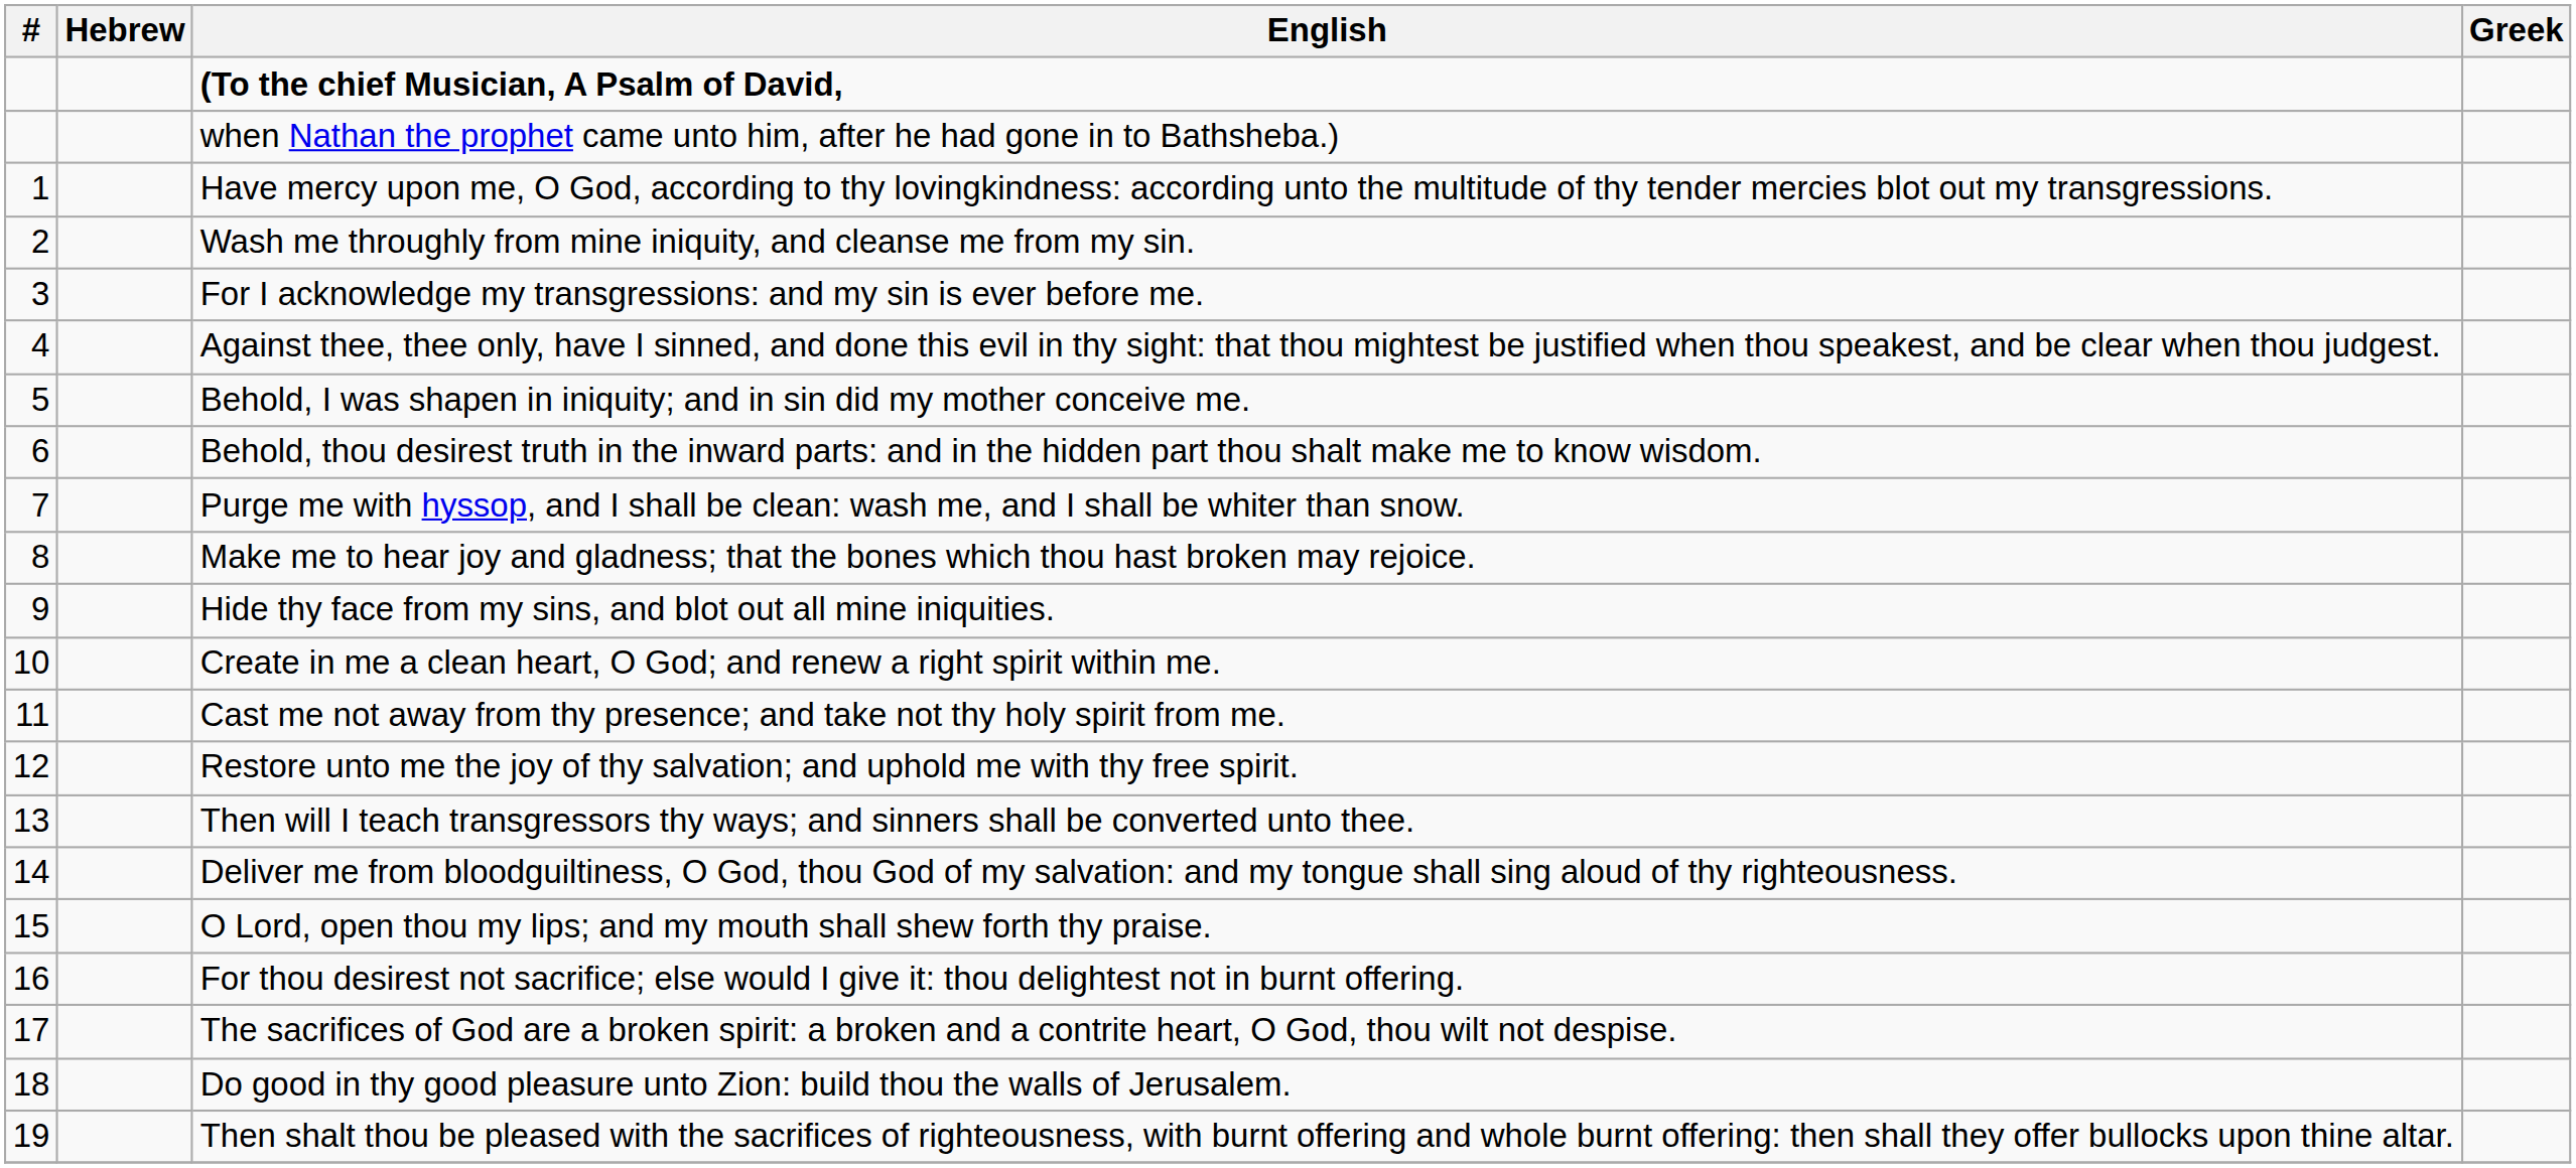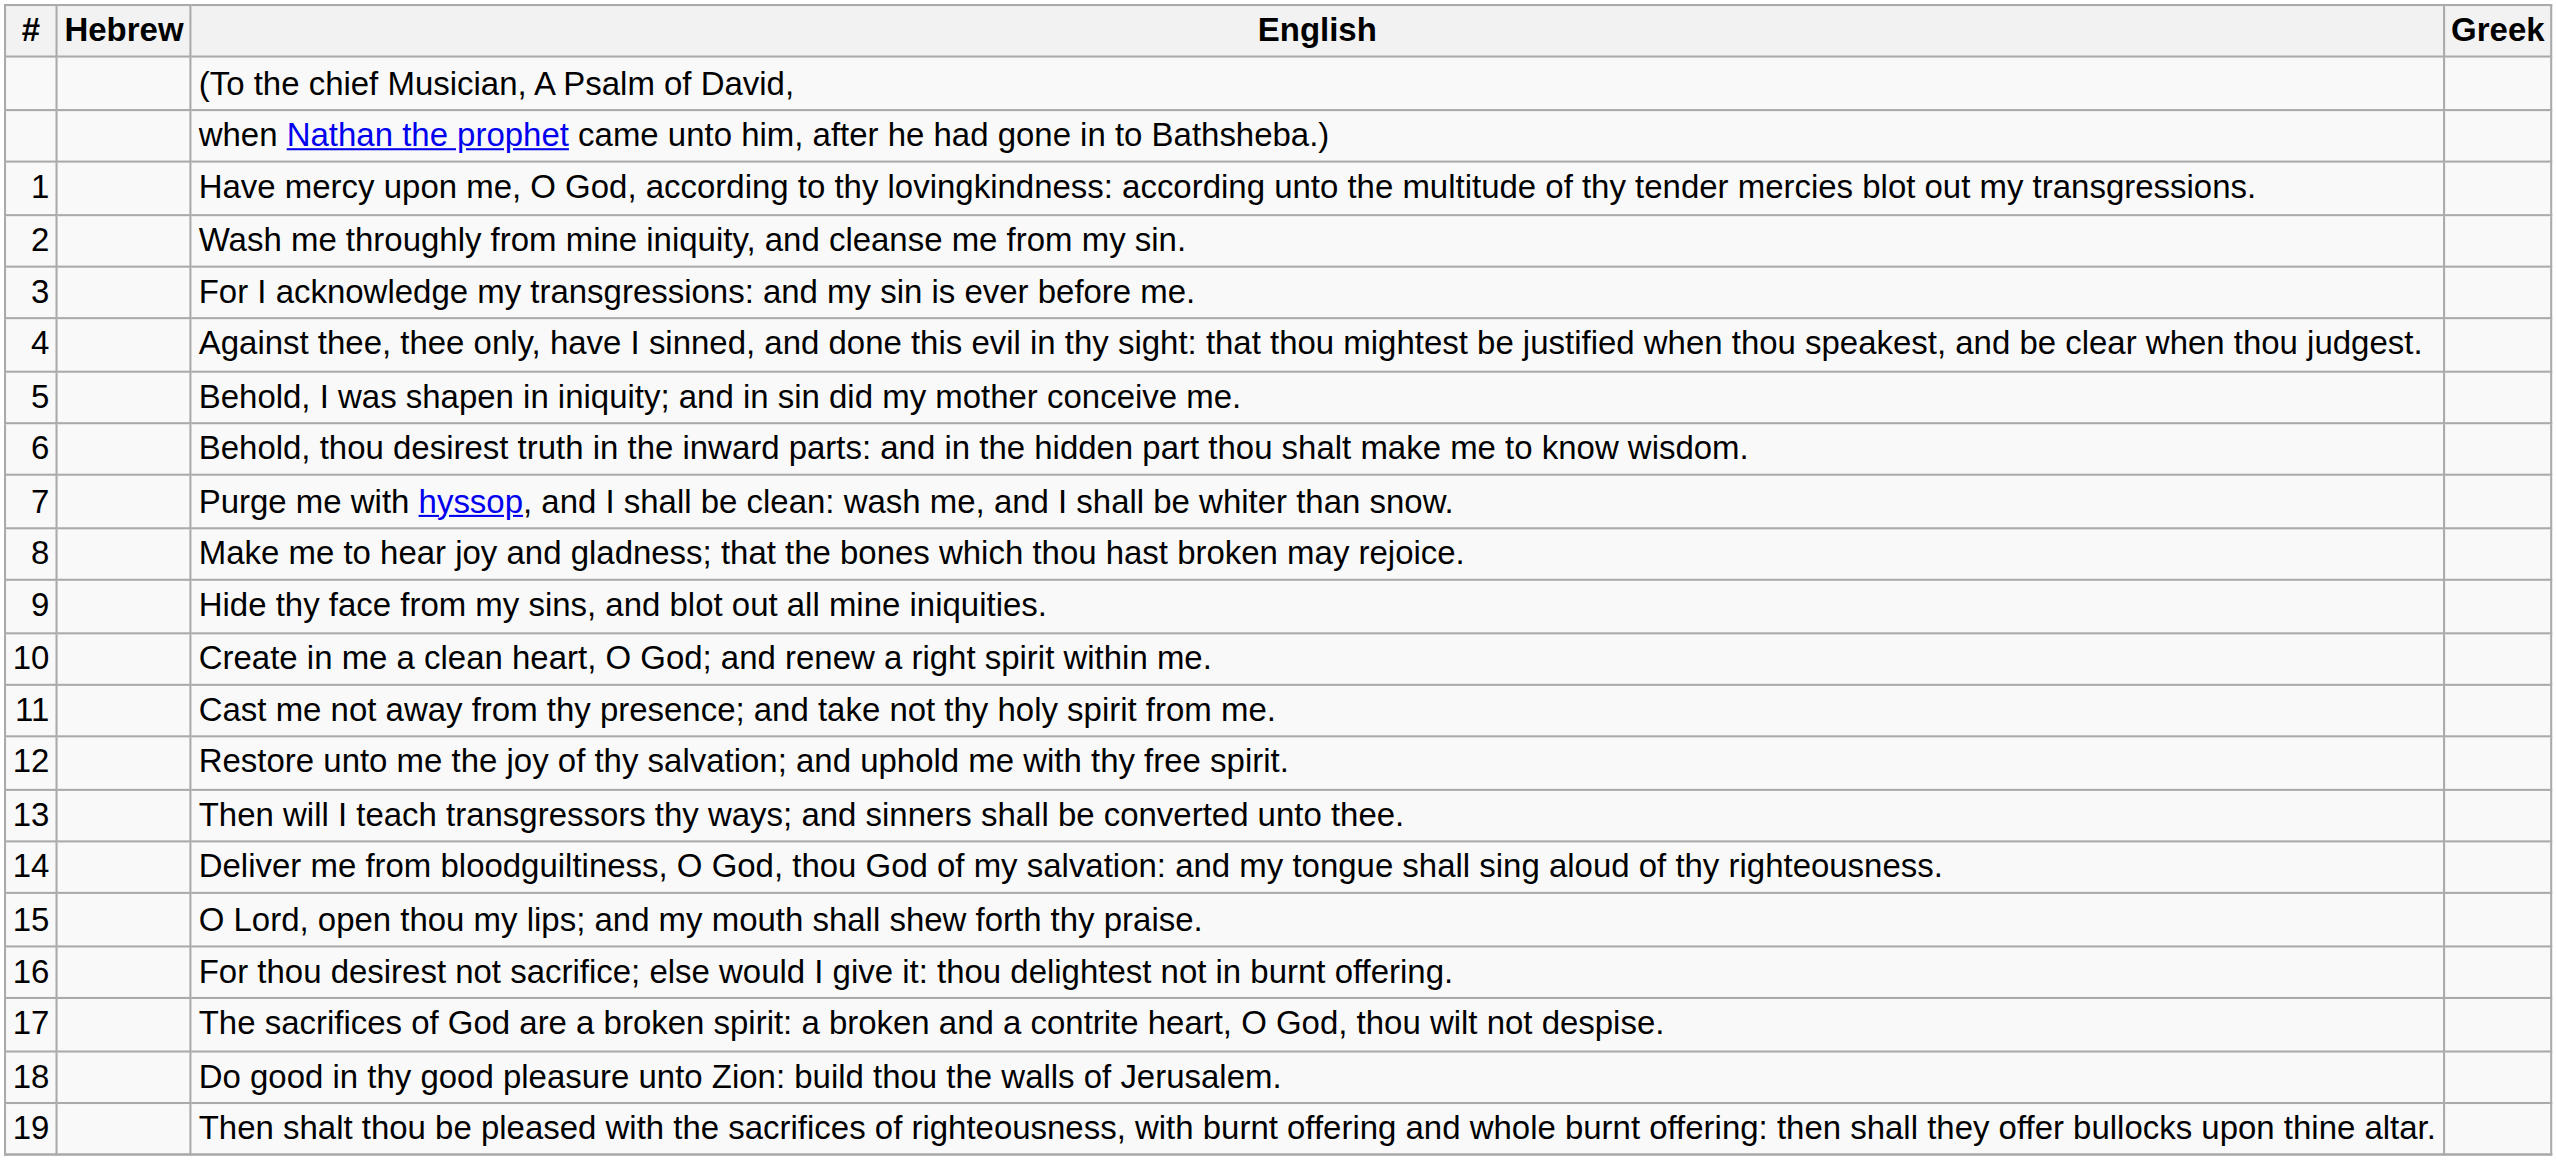 <table class=wikitable>
 <tr>
 <th>#</th>
 <th>Hebrew</th>
 <th>English</th>
 <th>Greek</th>
 </tr>
 <tr>
 <td style="text-align:right"></td>
 <td style="text-align:right"></td>
-<td><strong>(To the chief Musician, A Psalm of David,</strong></td>
+<td>(To the chief Musician, A Psalm of David,</td>
 <td></td>
 </tr>
 <tr>
 <td style="text-align:right"></td>
 <td style="text-align:right"></td>
 <td>when <a href='#'>Nathan the prophet</a> came unto him, after he had gone in to Bathsheba.)</td>
 <td></td>
 </tr>
 <tr>
 <td style="text-align:right">1</td>
 <td style="text-align:right"></td>
 <td>Have mercy upon me, O God, according to thy lovingkindness: according unto the multitude of thy tender mercies blot out my transgressions.</td>
 <td></td>
 </tr>
 <tr>
 <td style="text-align:right">2</td>
 <td style="text-align:right"></td>
 <td>Wash me throughly from mine iniquity, and cleanse me from my sin.</td>
 <td></td>
 </tr>
 <tr>
 <td style="text-align:right">3</td>
 <td style="text-align:right"></td>
 <td>For I acknowledge my transgressions: and my sin is ever before me.</td>
 <td></td>
 </tr>
 <tr>
 <td style="text-align:right">4</td>
 <td style="text-align:right"></td>
 <td>Against thee, thee only, have I sinned, and done this evil in thy sight: that thou mightest be justified when thou speakest, and be clear when thou judgest.</td>
 <td></td>
 </tr>
 <tr>
 <td style="text-align:right">5</td>
 <td style="text-align:right"></td>
 <td>Behold, I was shapen in iniquity; and in sin did my mother conceive me.</td>
 <td></td>
 </tr>
 <tr>
 <td style="text-align:right">6</td>
 <td style="text-align:right"></td>
 <td>Behold, thou desirest truth in the inward parts: and in the hidden part thou shalt make me to know wisdom.</td>
 <td></td>
 </tr>
 <tr>
 <td style="text-align:right">7</td>
 <td style="text-align:right"></td>
 <td>Purge me with <a href='#'>hyssop</a>, and I shall be clean: wash me, and I shall be whiter than snow.</td>
 <td></td>
 </tr>
 <tr>
 <td style="text-align:right">8</td>
 <td style="text-align:right"></td>
 <td>Make me to hear joy and gladness; that the bones which thou hast broken may rejoice.</td>
 <td></td>
 </tr>
 <tr>
 <td style="text-align:right">9</td>
 <td style="text-align:right"></td>
 <td>Hide thy face from my sins, and blot out all mine iniquities.</td>
 <td></td>
 </tr>
 <tr>
 <td style="text-align:right">10</td>
 <td style="text-align:right"></td>
 <td>Create in me a clean heart, O God; and renew a right spirit within me.</td>
 <td></td>
 </tr>
 <tr>
 <td style="text-align:right">11</td>
 <td style="text-align:right"></td>
 <td>Cast me not away from thy presence; and take not thy holy spirit from me.</td>
 <td></td>
 </tr>
 <tr>
 <td style="text-align:right">12</td>
 <td style="text-align:right"></td>
 <td>Restore unto me the joy of thy salvation; and uphold me with thy free spirit.</td>
 <td></td>
 </tr>
 <tr>
 <td style="text-align:right">13</td>
 <td style="text-align:right"></td>
 <td>Then will I teach transgressors thy ways; and sinners shall be converted unto thee.</td>
 <td></td>
 </tr>
 <tr>
 <td style="text-align:right">14</td>
 <td style="text-align:right"></td>
 <td>Deliver me from bloodguiltiness, O God, thou God of my salvation: and my tongue shall sing aloud of thy righteousness.</td>
 <td></td>
 </tr>
 <tr>
 <td style="text-align:right">15</td>
 <td style="text-align:right"></td>
 <td>O Lord, open thou my lips; and my mouth shall shew forth thy praise.</td>
 <td></td>
 </tr>
 <tr>
 <td style="text-align:right">16</td>
 <td style="text-align:right"></td>
 <td>For thou desirest not sacrifice; else would I give it: thou delightest not in burnt offering.</td>
 <td></td>
 </tr>
 <tr>
 <td style="text-align:right">17</td>
 <td style="text-align:right"></td>
 <td>The sacrifices of God are a broken spirit: a broken and a contrite heart, O God, thou wilt not despise.</td>
 <td></td>
 </tr>
 <tr>
 <td style="text-align:right">18</td>
 <td style="text-align:right"></td>
 <td>Do good in thy good pleasure unto Zion: build thou the walls of Jerusalem.</td>
 <td></td>
 </tr>
 <tr>
 <td style="text-align:right">19</td>
 <td style="text-align:right"></td>
 <td>Then shalt thou be pleased with the sacrifices of righteousness, with burnt offering and whole burnt offering: then shall they offer bullocks upon thine altar.</td>
 <td></td>
 </tr>
 <tr>
 </tr>
 </table>
